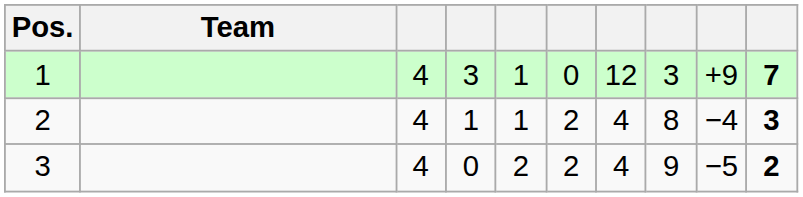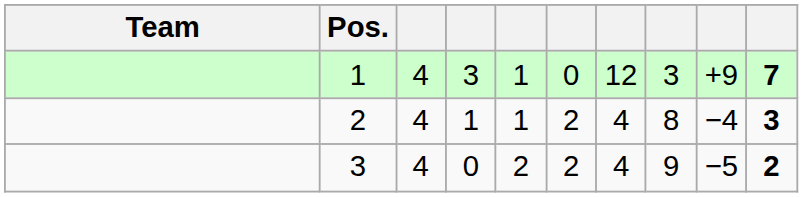 <table class="wikitable" style="text-align:center">
 <tr>
+<th width=165>Team</th>
 <th width=30>Pos.</th>
-<th width=165>Team</th>
 <th width=20></th>
 <th width=20></th>
 <th width=20></th>
 <th width=20></th>
 <th width=20></th>
 <th width=20></th>
 <th width=20></th>
 <th width=20></th>
 </tr>
 <tr style="background:#cfc">
+<td style="text-align:left"></td>
 <td>1</td>
-<td style="text-align:left"></td>
 <td>4</td>
 <td>3</td>
 <td>1</td>
 <td>0</td>
 <td>12</td>
 <td>3</td>
 <td>+9</td>
 <td><strong>7</strong></td>
 </tr>
 <tr>
+<td style="text-align:left"></td>
 <td>2</td>
-<td style="text-align:left"></td>
 <td>4</td>
 <td>1</td>
 <td>1</td>
 <td>2</td>
 <td>4</td>
 <td>8</td>
 <td>−4</td>
 <td><strong>3</strong></td>
 </tr>
 <tr>
+<td style="text-align:left"></td>
 <td>3</td>
-<td style="text-align:left"></td>
 <td>4</td>
 <td>0</td>
 <td>2</td>
 <td>2</td>
 <td>4</td>
 <td>9</td>
 <td>−5</td>
 <td><strong>2</strong></td>
 </tr>
 </table>
